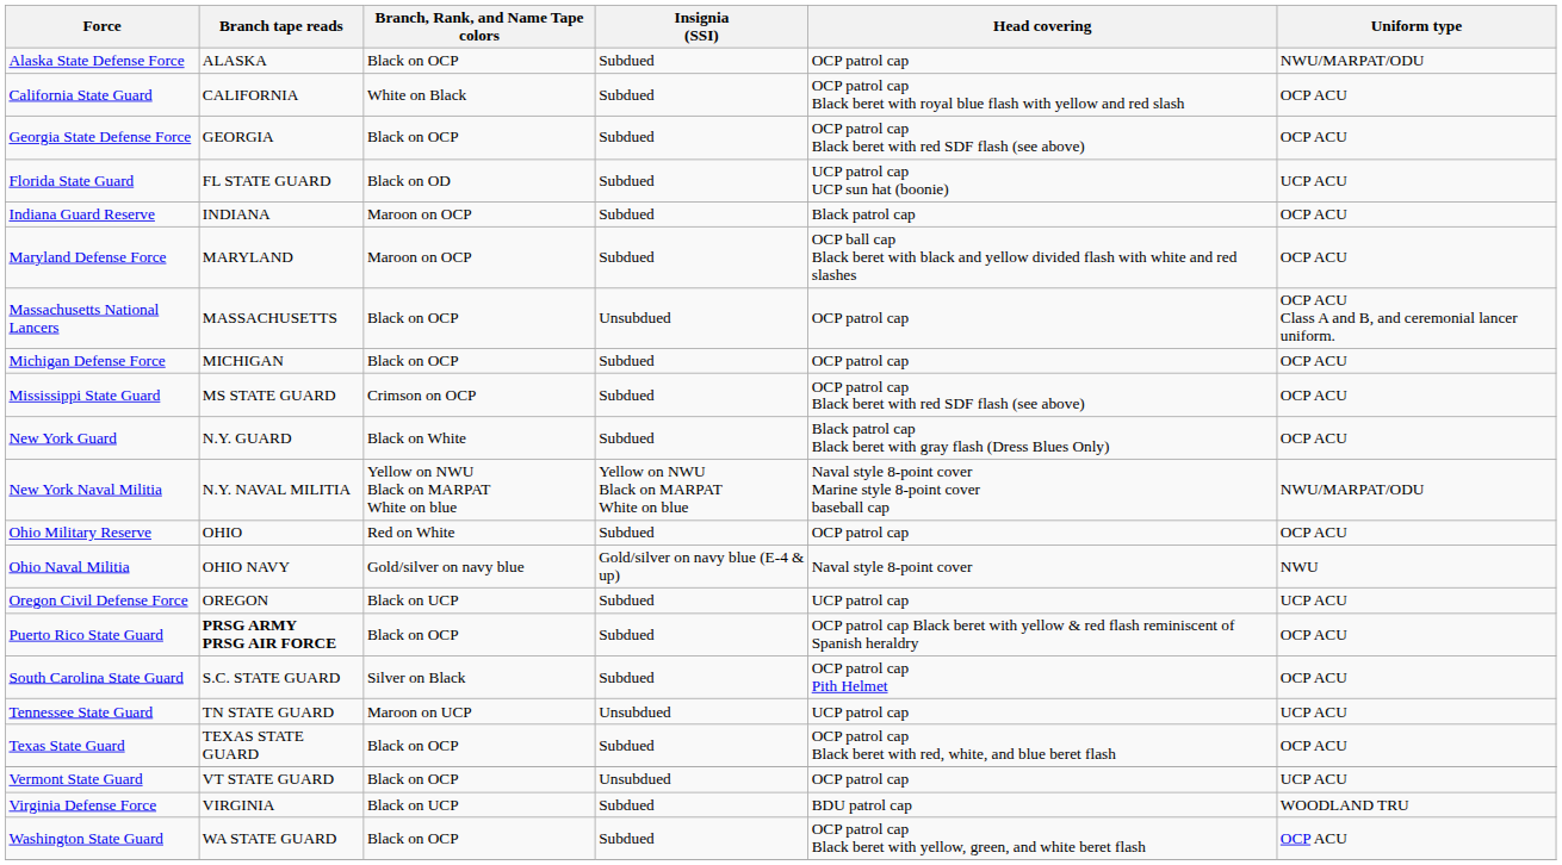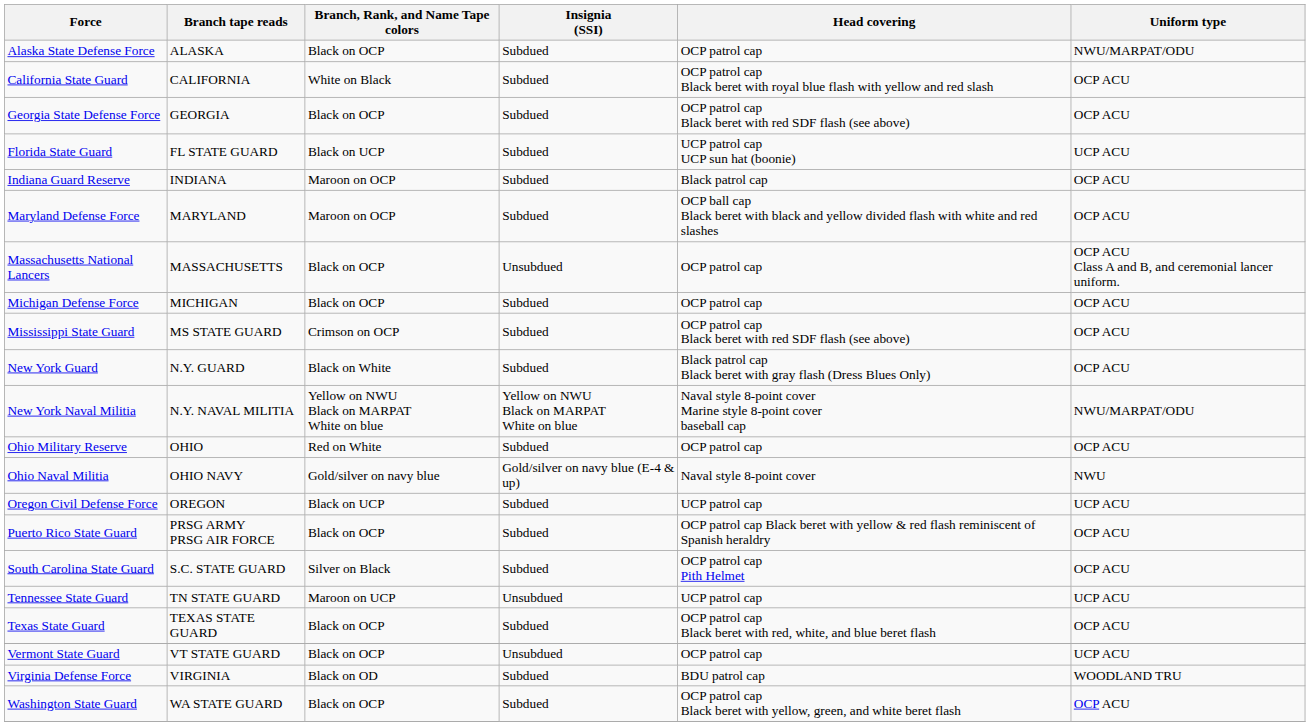 <table class="wikitable">
 <tr>
 <th>Force</th>
 <th>Branch tape reads</th>
 <th>Branch, Rank, and Name Tape colors</th>
 <th>Insignia<br>(SSI)</th>
 <th>Head covering</th>
 <th>Uniform type</th>
 </tr>
 <tr>
 <td><a href='#'>Alaska State Defense Force</a></td>
 <td>ALASKA</td>
 <td>Black on OCP</td>
 <td>Subdued</td>
 <td>OCP patrol cap</td>
 <td>NWU/MARPAT/ODU</td>
 </tr>
 <tr>
 <td><a href='#'>California State Guard</a></td>
 <td>CALIFORNIA</td>
 <td>White on Black<br></td>
 <td>Subdued</td>
 <td> OCP patrol cap<br>Black beret with royal blue flash with yellow and red slash</td>
 <td>OCP ACU<br></td>
 </tr>
 <tr>
 <td><a href='#'>Georgia State Defense Force</a></td>
 <td>GEORGIA</td>
 <td>Black on OCP</td>
 <td>Subdued</td>
 <td>OCP patrol cap <br>Black beret with red SDF flash (see above)</td>
 <td>OCP ACU</td>
 </tr>
 <tr>
 <td><a href='#'>Florida State Guard</a></td>
 <td>FL STATE GUARD</td>
-<td>Black on OD</td>
+<td>Black on UCP</td>
 <td>Subdued</td>
 <td>UCP patrol cap<br>UCP sun hat (boonie)</td>
 <td>UCP ACU</td>
 </tr>
 <tr>
 <td><a href='#'>Indiana Guard Reserve</a></td>
 <td>INDIANA</td>
 <td>Maroon on OCP</td>
 <td>Subdued</td>
 <td>Black patrol cap</td>
 <td>OCP ACU</td>
 </tr>
 <tr>
 <td><a href='#'>Maryland Defense Force</a></td>
 <td>MARYLAND</td>
 <td>Maroon on OCP</td>
 <td>Subdued</td>
 <td> OCP ball cap<br>Black beret with black and yellow divided flash with white and red slashes</td>
 <td>OCP ACU</td>
 </tr>
 <tr>
 <td><a href='#'>Massachusetts National Lancers</a></td>
 <td>MASSACHUSETTS</td>
 <td>Black on OCP</td>
 <td>Unsubdued</td>
 <td>OCP patrol cap</td>
 <td>OCP ACU<br>Class A and B, and ceremonial lancer uniform.</td>
 </tr>
 <tr>
 <td><a href='#'>Michigan Defense Force</a></td>
 <td>MICHIGAN</td>
 <td>Black on OCP</td>
 <td>Subdued</td>
 <td>OCP patrol cap</td>
 <td>OCP ACU</td>
 </tr>
 <tr>
 <td><a href='#'>Mississippi State Guard</a></td>
 <td>MS STATE GUARD</td>
 <td>Crimson on OCP</td>
 <td>Subdued</td>
 <td>OCP patrol cap<br>Black beret with red SDF flash (see above)</td>
 <td>OCP ACU</td>
 </tr>
 <tr>
 <td><a href='#'>New York Guard</a></td>
 <td>N.Y. GUARD</td>
 <td>Black on White</td>
 <td>Subdued</td>
 <td> Black patrol cap <br>Black beret with gray flash (Dress Blues Only)</td>
 <td>OCP ACU</td>
 </tr>
 <tr>
 <td><a href='#'>New York Naval Militia</a></td>
 <td>N.Y. NAVAL MILITIA</td>
 <td>Yellow on NWU<br>Black on MARPAT<br>White on blue</td>
 <td>Yellow on NWU<br>Black on MARPAT<br>White on blue</td>
 <td>Naval style 8-point cover<br>Marine style 8-point cover<br>baseball cap</td>
 <td>NWU/MARPAT/ODU</td>
 </tr>
 <tr>
 <td><a href='#'>Ohio Military Reserve</a></td>
 <td>OHIO</td>
 <td>Red on White</td>
 <td>Subdued</td>
 <td>OCP patrol cap</td>
 <td>OCP ACU</td>
 </tr>
 <tr>
 <td><a href='#'>Ohio Naval Militia</a></td>
 <td>OHIO NAVY</td>
 <td>Gold/silver on navy blue</td>
 <td>Gold/silver on navy blue (E-4 & up)</td>
 <td>Naval style 8-point cover</td>
 <td>NWU</td>
 </tr>
 <tr>
 <td><a href='#'>Oregon Civil Defense Force</a></td>
 <td>OREGON</td>
 <td>Black on UCP</td>
 <td>Subdued</td>
 <td>UCP patrol cap</td>
 <td>UCP ACU</td>
 </tr>
 <tr>
 <td><a href='#'>Puerto Rico State Guard</a></td>
-<td><strong>PRSG ARMY<br>PRSG AIR FORCE</strong></td>
+<td>PRSG ARMY<br>PRSG AIR FORCE</td>
 <td>Black on OCP</td>
 <td>Subdued</td>
 <td>OCP patrol cap Black beret with yellow & red flash reminiscent of Spanish heraldry</td>
 <td>OCP ACU</td>
 </tr>
 <tr>
 <td><a href='#'>South Carolina State Guard</a></td>
 <td>S.C. STATE GUARD</td>
 <td>Silver on Black</td>
 <td>Subdued</td>
 <td>OCP patrol cap<br><a href='#'>Pith Helmet</a></td>
 <td>OCP ACU</td>
 </tr>
 <tr>
 <td><a href='#'>Tennessee State Guard</a></td>
 <td>TN STATE GUARD</td>
 <td>Maroon on UCP</td>
 <td>Unsubdued</td>
 <td>UCP patrol cap</td>
 <td>UCP ACU</td>
 </tr>
 <tr>
 <td><a href='#'>Texas State Guard</a></td>
 <td>TEXAS STATE GUARD</td>
 <td>Black on OCP</td>
 <td>Subdued</td>
 <td> OCP patrol cap<br>Black beret with red, white, and blue beret flash</td>
 <td>OCP ACU</td>
 </tr>
 <tr>
 </tr>
 <tr>
 <td><a href='#'>Vermont State Guard</a></td>
 <td>VT STATE GUARD</td>
 <td>Black on OCP</td>
 <td>Unsubdued</td>
 <td>OCP patrol cap</td>
 <td>UCP ACU</td>
 </tr>
 <tr>
 <td><a href='#'>Virginia Defense Force</a></td>
 <td>VIRGINIA</td>
-<td>Black on UCP</td>
+<td>Black on OD</td>
 <td>Subdued</td>
 <td>BDU patrol cap</td>
 <td>WOODLAND TRU</td>
 </tr>
 <tr>
 <td><a href='#'>Washington State Guard</a></td>
 <td>WA STATE GUARD</td>
 <td>Black on OCP</td>
 <td>Subdued</td>
 <td> OCP patrol cap<br>Black beret with yellow, green, and white beret flash</td>
 <td><a href='#'>OCP</a> ACU</td>
 </tr>
 <tr>
 </tr>
 </table>
